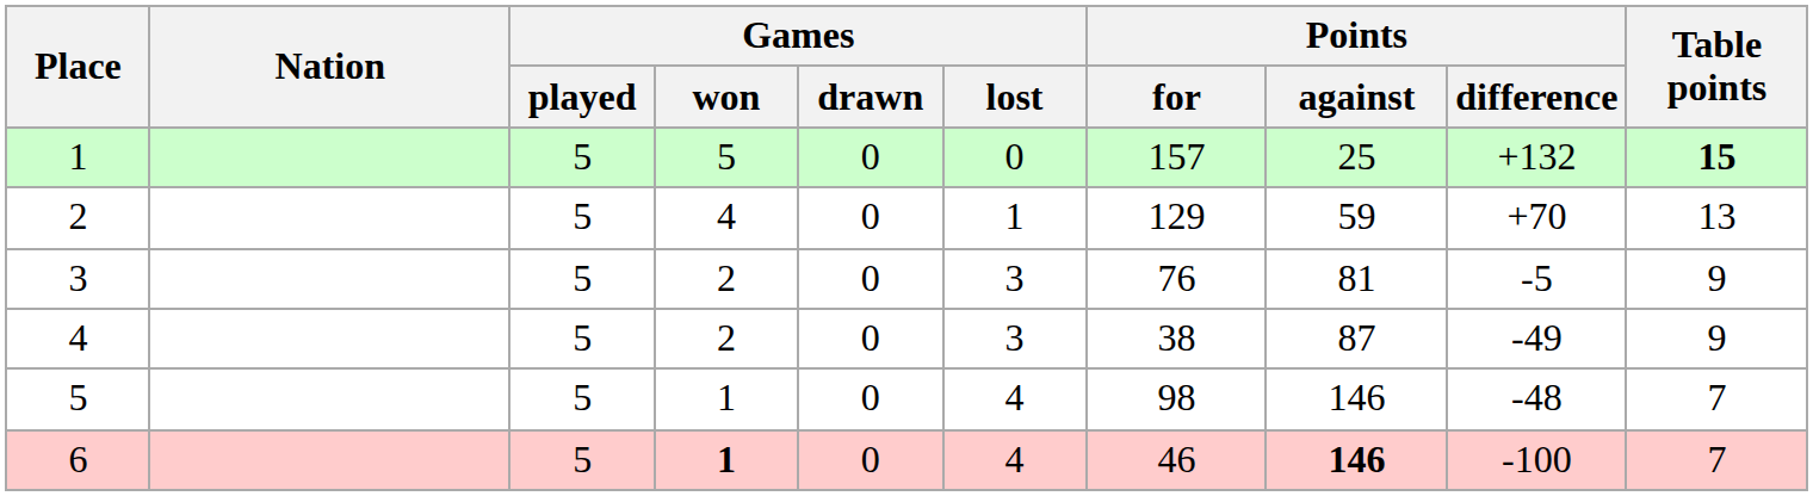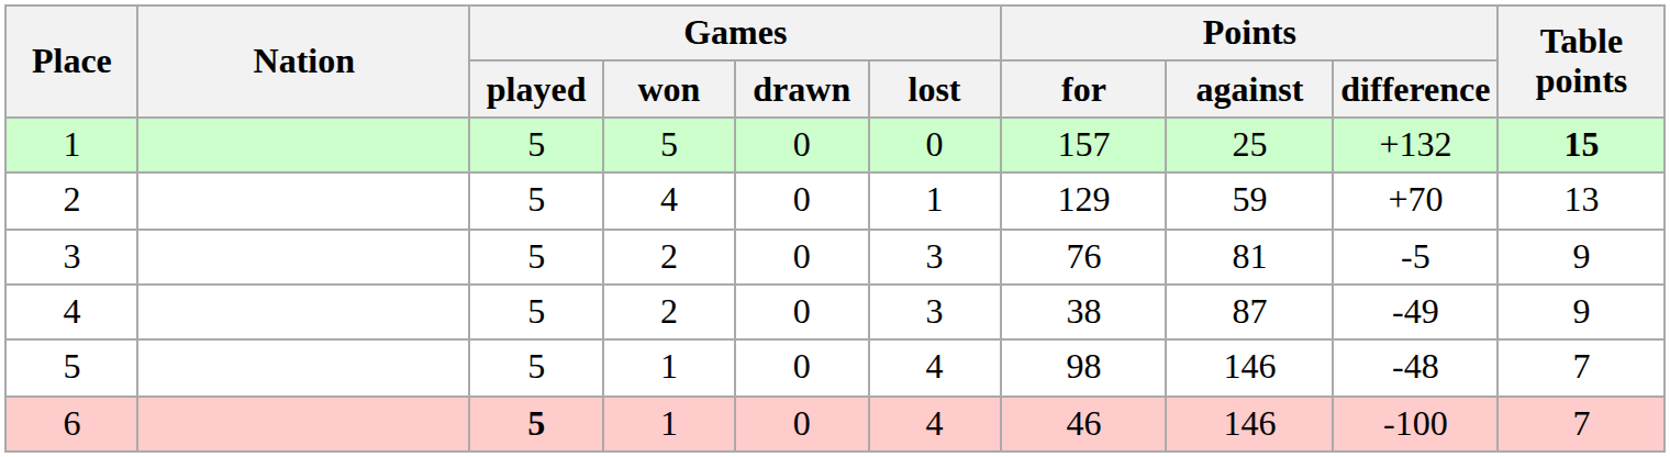 <table class="wikitable">
 <tr>
 <th rowspan=2 width="8%">Place</th>
 <th rowspan=2 width="20%">Nation</th>
 <th colspan=4 width="32%">Games</th>
 <th colspan=3 width="30%">Points</th>
 <th rowspan=2 width="10%">Table<br>points</th>
 </tr>
 <tr>
 <th width="8%">played</th>
 <th width="8%">won</th>
 <th width="8%">drawn</th>
 <th width="8%">lost</th>
 <th width="10%">for</th>
 <th width="10%">against</th>
 <th width="10%">difference</th>
 </tr>
 <tr>
 </tr>
 <tr bgcolor=#ccffcc align=center>
 <td>1</td>
 <td align=left><strong></strong></td>
 <td>5</td>
 <td>5</td>
 <td>0</td>
 <td>0</td>
 <td>157</td>
 <td>25</td>
 <td>+132</td>
 <td><strong>15</strong></td>
 </tr>
 <tr bgcolor=#ffffff align=center>
 <td>2</td>
 <td align=left></td>
 <td>5</td>
 <td>4</td>
 <td>0</td>
 <td>1</td>
 <td>129</td>
 <td>59</td>
 <td>+70</td>
 <td>13</td>
 </tr>
 <tr bgcolor=#ffffff align=center>
 <td>3</td>
 <td align=left></td>
 <td>5</td>
 <td>2</td>
 <td>0</td>
 <td>3</td>
 <td>76</td>
 <td>81</td>
 <td>-5</td>
 <td>9</td>
 </tr>
 <tr bgcolor=#ffffff align=center>
 <td>4</td>
 <td align=left></td>
 <td>5</td>
 <td>2</td>
 <td>0</td>
 <td>3</td>
 <td>38</td>
 <td>87</td>
 <td>-49</td>
 <td>9</td>
 </tr>
 <tr bgcolor=#ffffff align=center>
 <td>5</td>
 <td align=left></td>
 <td>5</td>
 <td>1</td>
 <td>0</td>
 <td>4</td>
 <td>98</td>
 <td>146</td>
 <td>-48</td>
 <td>7</td>
 </tr>
 <tr bgcolor=#ffcccc align=center>
 <td>6</td>
 <td align=left><em></em></td>
-<td>5</td>
-<td><strong>1</strong></td>
+<td><strong>5</strong></td>
+<td>1</td>
 <td>0</td>
 <td>4</td>
 <td>46</td>
-<td><strong>146</strong></td>
+<td>146</td>
 <td>-100</td>
 <td>7</td>
 </tr>
 </table>
